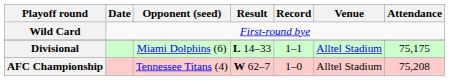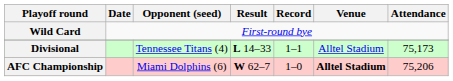 <table class="wikitable" style="text-align:center">
 <tr>
 <th>Playoff round</th>
 <th>Date</th>
 <th>Opponent (seed)</th>
 <th>Result</th>
 <th>Record</th>
 <th>Venue</th>
 <th>Attendance</th>
 </tr>
 <tr>
 <th>Wild Card</th>
 <td colspan="6" align="center"><em><a href='#'>First-round bye</a></em></td>
 </tr>
 <tr>
 </tr>
 <tr style="background: #cfc;">
 <th>Divisional</th>
 <td></td>
-<td><a href='#'>Miami Dolphins</a> (6)</td>
+<td><a href='#'>Tennessee Titans</a> (4)</td>
 <td><strong>L</strong> 14–33</td>
 <td>1–1</td>
 <td><a href='#'>Alltel Stadium</a></td>
-<td>75,175</td>
+<td>75,173</td>
 </tr>
 <tr style="background: #fcc;">
 <th>AFC Championship</th>
 <td></td>
-<td><a href='#'>Tennessee Titans</a> (4)</td>
+<td><a href='#'>Miami Dolphins</a> (6)</td>
 <td><strong>W</strong> 62–7</td>
 <td>1–0</td>
-<td>Alltel Stadium</td>
-<td>75,208</td>
+<td><strong>Alltel Stadium</strong></td>
+<td>75,206</td>
 </tr>
 </table>
